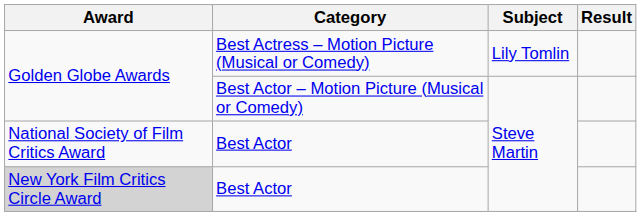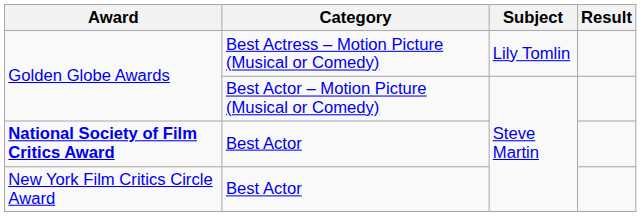 <table class="wikitable">
 <tr>
 <th>Award</th>
 <th>Category</th>
 <th>Subject</th>
 <th>Result</th>
 </tr>
 <tr>
 <td rowspan=2><a href='#'>Golden Globe Awards</a></td>
 <td><a href='#'>Best Actress – Motion Picture (Musical or Comedy)</a></td>
 <td><a href='#'>Lily Tomlin</a></td>
 <td></td>
 </tr>
 <tr>
 <td><a href='#'>Best Actor – Motion Picture (Musical or Comedy)</a></td>
 <td rowspan=3><a href='#'>Steve Martin</a></td>
 <td></td>
 </tr>
 <tr>
-<td><a href='#'>National Society of Film Critics Award</a></td>
+<td><strong><a href='#'>National Society of Film Critics Award</a></strong></td>
 <td><a href='#'>Best Actor</a></td>
 <td></td>
 </tr>
 <tr>
-<td style="background: lightgrey;"><a href='#'>New York Film Critics Circle Award</a></td>
+<td><a href='#'>New York Film Critics Circle Award</a></td>
 <td><a href='#'>Best Actor</a></td>
 <td></td>
 </tr>
 <tr>
 </tr>
 </table>
